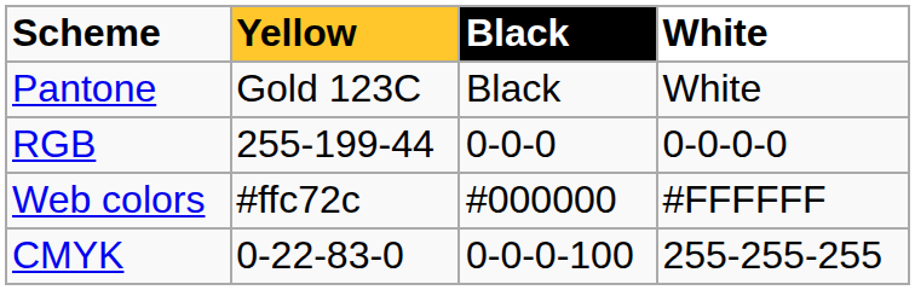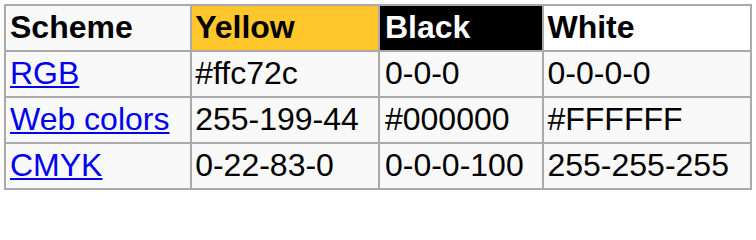 <table width="60%" border="1" cellpadding="2" cellspacing="0" style="background: #f9f9f9; border: 1px solid #aaaaaa; border-collapse: collapse; white-space: nowrap; text-align: left">
 <tr>
 <th>Scheme</th>
 <th style="background-color:#ffc72c">Yellow</th>
 <th style="background-color:#000000;color:white">Black</th>
 <th style="background-color:#ffffff;">White</th>
 </tr>
 <tr>
-<td><a href='#'>Pantone</a></td>
-<td>Gold 123C</td>
-<td>Black</td>
-<td>White</td>
-</tr>
-<tr>
 <td><a href='#'>RGB</a></td>
-<td>255-199-44</td>
+<td>#ffc72c</td>
 <td>0-0-0</td>
 <td>0-0-0-0</td>
 </tr>
 <tr>
 <td><a href='#'>Web colors</a></td>
-<td>#ffc72c</td>
+<td>255-199-44</td>
 <td>#000000</td>
 <td>#FFFFFF</td>
 </tr>
 <tr>
 <td><a href='#'>CMYK</a></td>
 <td>0-22-83-0</td>
 <td>0-0-0-100</td>
 <td>255-255-255</td>
 </tr>
 </table>
